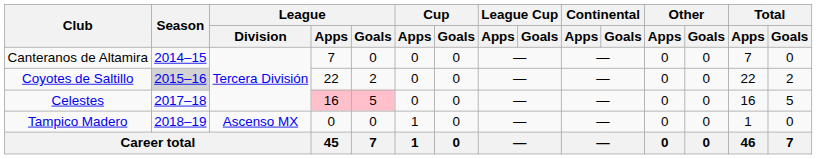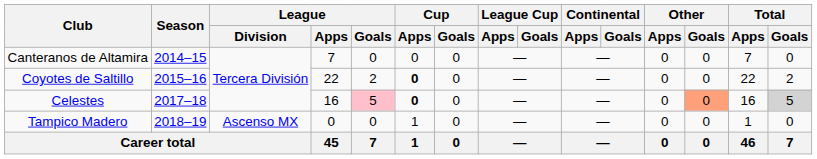 <table class="wikitable" style="text-align:center">
 <tr>
 <th rowspan="2">Club</th>
 <th rowspan="2">Season</th>
 <th colspan="3">League</th>
 <th colspan="2">Cup</th>
 <th colspan="2">League Cup</th>
 <th colspan="2">Continental</th>
 <th colspan="2">Other</th>
 <th colspan="2">Total</th>
 </tr>
 <tr>
 <th>Division</th>
 <th>Apps</th>
 <th>Goals</th>
 <th>Apps</th>
 <th>Goals</th>
 <th>Apps</th>
 <th>Goals</th>
 <th>Apps</th>
 <th>Goals</th>
 <th>Apps</th>
 <th>Goals</th>
 <th>Apps</th>
 <th>Goals</th>
 </tr>
 <tr>
 <td rowspan="1">Canteranos de Altamira</td>
 <td><a href='#'>2014–15</a></td>
 <td rowspan="3"><a href='#'>Tercera División</a></td>
 <td>7</td>
 <td>0</td>
 <td>0</td>
 <td>0</td>
 <td colspan="2">—</td>
 <td colspan="2">—</td>
 <td>0</td>
 <td>0</td>
 <td>7</td>
 <td>0</td>
 </tr>
 <tr>
 <td rowspan="1"><a href='#'>Coyotes de Saltillo</a></td>
-<td style="background: lightgrey;"><a href='#'>2015–16</a></td>
+<td><a href='#'>2015–16</a></td>
 <td>22</td>
 <td>2</td>
-<td>0</td>
+<td><strong>0</strong></td>
 <td>0</td>
 <td colspan="2">—</td>
 <td colspan="2">—</td>
 <td>0</td>
 <td>0</td>
 <td>22</td>
 <td>2</td>
 </tr>
 <tr>
 <td rowspan="1"><a href='#'>Celestes</a></td>
 <td><a href='#'>2017–18</a></td>
-<td style="background: pink;">16</td>
+<td>16</td>
 <td style="background: pink;">5</td>
-<td>0</td>
+<td><strong>0</strong></td>
 <td>0</td>
 <td colspan="2">—</td>
 <td colspan="2">—</td>
 <td>0</td>
-<td>0</td>
+<td style="background: lightsalmon;">0</td>
 <td>16</td>
-<td>5</td>
+<td style="background: lightgrey;">5</td>
 </tr>
 <tr>
 <td rowspan="1"><a href='#'>Tampico Madero</a></td>
 <td><a href='#'>2018–19</a></td>
 <td rowspan="1"><a href='#'>Ascenso MX</a></td>
 <td>0</td>
 <td>0</td>
 <td>1</td>
 <td>0</td>
 <td colspan="2">—</td>
 <td colspan="2">—</td>
 <td>0</td>
 <td>0</td>
 <td>1</td>
 <td>0</td>
 </tr>
 <tr>
 <th colspan="3">Career total</th>
 <th>45</th>
 <th>7</th>
 <th>1</th>
 <th>0</th>
 <th colspan="2">—</th>
 <th colspan="2">—</th>
 <th>0</th>
 <th>0</th>
 <th>46</th>
 <th>7</th>
 </tr>
 </table>
